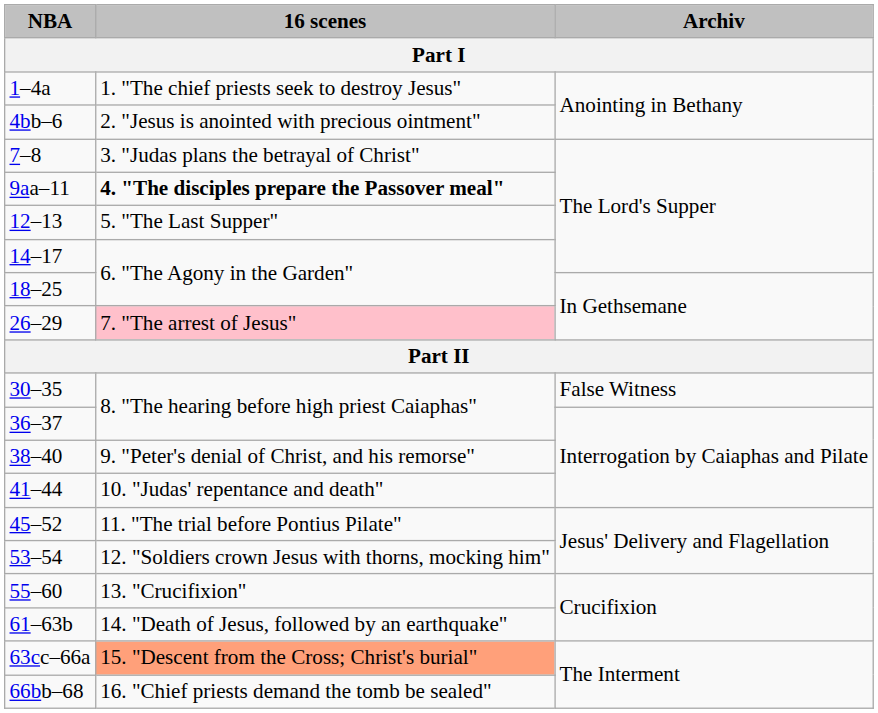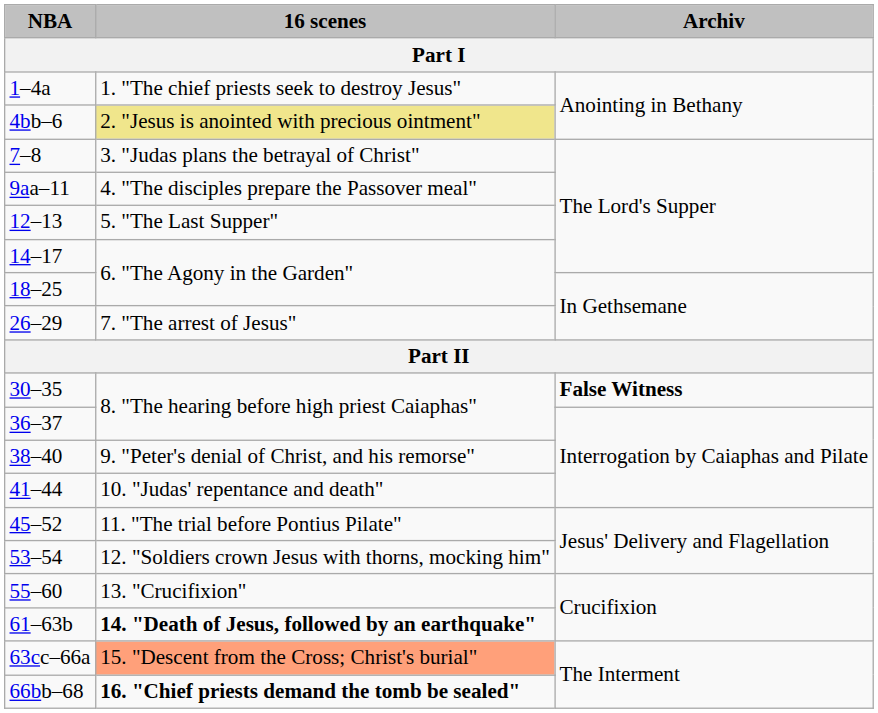 <table class="wikitable">
 <tr>
 <th style="background: Silver">NBA</th>
 <th style="background: Silver">16 scenes</th>
 <th style="background: Silver">Archiv</th>
 </tr>
 <tr>
 <th colspan="3">Part I</th>
 </tr>
 <tr>
 <td><a href='#'>1</a>–4a</td>
 <td>1. "The chief priests seek to destroy Jesus"</td>
 <td rowspan="2">Anointing in Bethany</td>
 </tr>
 <tr>
 <td><a href='#'>4b</a>b–6</td>
-<td>2. "Jesus is anointed with precious ointment"</td>
+<td style="background: khaki;">2. "Jesus is anointed with precious ointment"</td>
 </tr>
 <tr>
 <td><a href='#'>7</a>–8</td>
 <td>3. "Judas plans the betrayal of Christ"</td>
 <td rowspan="4">The Lord's Supper</td>
 </tr>
 <tr>
 <td><a href='#'>9a</a>a–11</td>
-<td><strong>4. "The disciples prepare the Passover meal"</strong></td>
+<td>4. "The disciples prepare the Passover meal"</td>
 </tr>
 <tr>
 <td><a href='#'>12</a>–13</td>
 <td>5. "The Last Supper"</td>
 </tr>
 <tr>
 <td><a href='#'>14</a>–17</td>
 <td rowspan="2">6. "The Agony in the Garden"</td>
 </tr>
 <tr>
 <td><a href='#'>18</a>–25</td>
 <td rowspan="2">In Gethsemane</td>
 </tr>
 <tr>
 <td><a href='#'>26</a>–29</td>
-<td style="background: pink;">7. "The arrest of Jesus"</td>
+<td>7. "The arrest of Jesus"</td>
 </tr>
 <tr>
 <th colspan="3">Part II</th>
 </tr>
 <tr>
 <td><a href='#'>30</a>–35</td>
 <td rowspan="2">8. "The hearing before high priest Caiaphas"</td>
-<td>False Witness</td>
+<td><strong>False Witness</strong></td>
 </tr>
 <tr>
 <td><a href='#'>36</a>–37</td>
 <td rowspan="3">Interrogation by Caiaphas and Pilate</td>
 </tr>
 <tr>
 <td><a href='#'>38</a>–40</td>
 <td>9. "Peter's denial of Christ, and his remorse"</td>
 </tr>
 <tr>
 <td><a href='#'>41</a>–44</td>
 <td>10. "Judas' repentance and death"</td>
 </tr>
 <tr>
 <td><a href='#'>45</a>–52</td>
 <td>11. "The trial before Pontius Pilate"</td>
 <td rowspan="2">Jesus' Delivery and Flagellation</td>
 </tr>
 <tr>
 <td><a href='#'>53</a>–54</td>
 <td>12. "Soldiers crown Jesus with thorns, mocking him"</td>
 </tr>
 <tr>
 <td><a href='#'>55</a>–60</td>
 <td>13. "Crucifixion"</td>
 <td rowspan="2">Crucifixion</td>
 </tr>
 <tr>
 <td><a href='#'>61</a>–63b</td>
-<td>14. "Death of Jesus, followed by an earthquake"</td>
+<td><strong>14. "Death of Jesus, followed by an earthquake"</strong></td>
 </tr>
 <tr>
 <td><a href='#'>63c</a>c–66a</td>
 <td style="background: lightsalmon;">15. "Descent from the Cross; Christ's burial"</td>
 <td rowspan="2">The Interment</td>
 </tr>
 <tr>
 <td><a href='#'>66b</a>b–68</td>
-<td>16. "Chief priests demand the tomb be sealed"</td>
+<td><strong>16. "Chief priests demand the tomb be sealed"</strong></td>
 </tr>
 </table>
